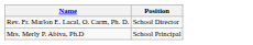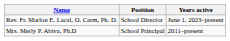 <table class="wikitable" border="1">
 <tr style="text-align:left; font-size:x-small">
 <th><a href='#'>Name</a></th>
 <th>Position</th>
+<th>Years active</th>
 </tr>
 <tr style="text-align:left; font-size:x-small">
 <td>Rev. Fr. Marlon E. Lacal, O. Carm, Ph. D.</td>
 <td>School Director</td>
+<td>June 1, 2023–present</td>
 </tr>
 <tr style="text-align:left; font-size:x-small">
 <td>Mrs. Merly P. Abiva, Ph.D</td>
 <td>School Principal</td>
+<td>2011–present</td>
 </tr>
 </table>
